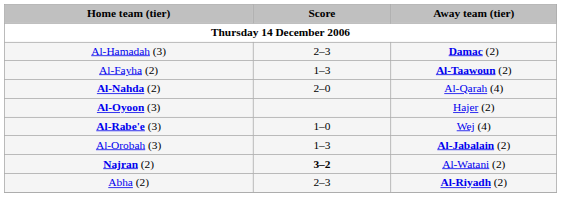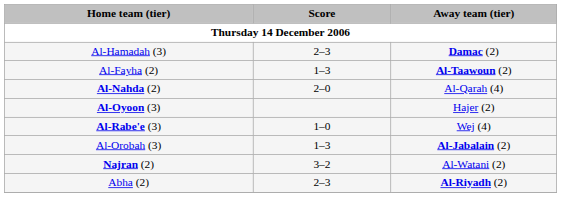 <table class="wikitable" style="width: 700px; background:WhiteSmoke; text-align:center; font-size:90%">
 <tr>
 <td scope="col" style="width: 45%; background:silver;"><strong>Home team (tier)</strong></td>
 <td scope="col" style="width: 25%; background:silver;"><strong>Score</strong></td>
 <td scope="col" style="width: 45%; background:silver;"><strong>Away team (tier)</strong></td>
 </tr>
 <tr>
 <td colspan="5" style= background:White><strong>Thursday 14 December 2006</strong></td>
 </tr>
 <tr>
 <td><a href='#'>Al-Hamadah</a> (3)</td>
 <td>2–3</td>
 <td><strong><a href='#'>Damac</a></strong> (2)</td>
 </tr>
 <tr>
 <td><a href='#'>Al-Fayha</a> (2)</td>
 <td>1–3</td>
 <td><strong><a href='#'>Al-Taawoun</a></strong> (2)</td>
 </tr>
 <tr>
 <td><strong><a href='#'>Al-Nahda</a></strong> (2)</td>
 <td>2–0</td>
 <td><a href='#'>Al-Qarah</a> (4)</td>
 </tr>
 <tr>
 <td><strong><a href='#'>Al-Oyoon</a></strong> (3)</td>
 <td></td>
 <td><a href='#'>Hajer</a> (2)</td>
 </tr>
 <tr>
 <td><strong><a href='#'>Al-Rabe'e</a></strong> (3)</td>
 <td>1–0</td>
 <td><a href='#'>Wej</a> (4)</td>
 </tr>
 <tr>
 <td><a href='#'>Al-Orobah</a> (3)</td>
 <td>1–3</td>
 <td><strong><a href='#'>Al-Jabalain</a></strong> (2)</td>
 </tr>
 <tr>
 <td><strong><a href='#'>Najran</a></strong> (2)</td>
-<td><strong>3–2</strong></td>
+<td>3–2</td>
 <td><a href='#'>Al-Watani</a> (2)</td>
 </tr>
 <tr>
 <td><a href='#'>Abha</a> (2)</td>
 <td>2–3</td>
 <td><strong><a href='#'>Al-Riyadh</a></strong> (2)</td>
 </tr>
 <tr>
 </tr>
 </table>
